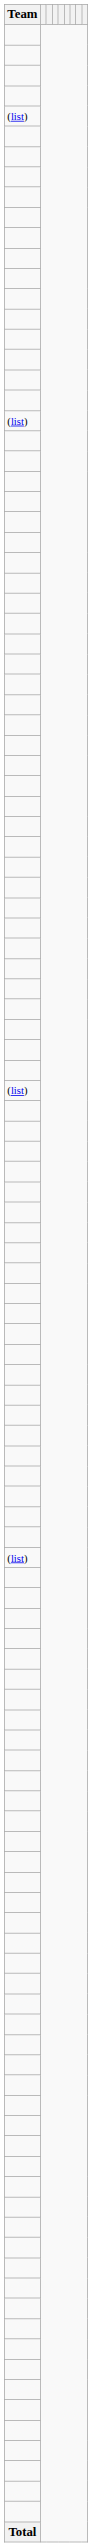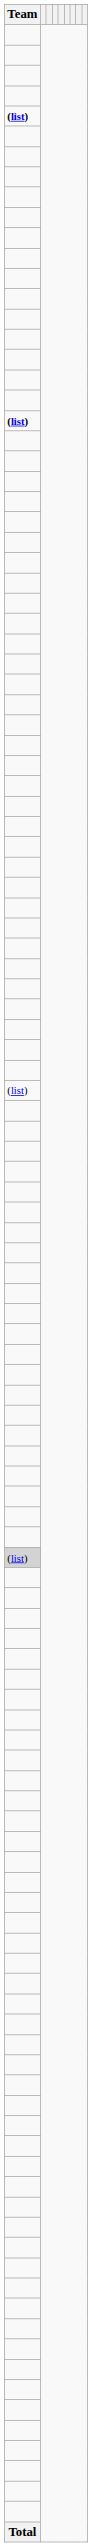 <table class="wikitable sortable collapsible collapsed" style="text-align: center; font-size: 100%;">
 <tr>
 <th>Team</th>
 <th></th>
 <th></th>
 <th></th>
 <th></th>
 <th></th>
 <th></th>
 <th></th>
 <th></th>
 </tr>
 <tr>
 <td align=left><br></td>
 </tr>
 <tr>
 <td align=left><br></td>
 </tr>
 <tr>
 <td align=left><br></td>
 </tr>
 <tr>
 <td align=left><br></td>
 </tr>
 <tr>
-<td align=left> <small>(<a href='#'>list</a>)</small><br></td>
+<td align=left><strong> <small>(<a href='#'>list</a>)</small><br></strong></td>
 </tr>
 <tr>
 <td align=left><br></td>
 </tr>
 <tr>
 <td align=left><br></td>
 </tr>
 <tr>
 <td align=left><br></td>
 </tr>
 <tr>
 <td align=left><br></td>
 </tr>
 <tr>
 <td align=left><br></td>
 </tr>
 <tr>
 <td align=left><br></td>
 </tr>
 <tr>
 <td align=left><br></td>
 </tr>
 <tr>
 <td align=left><br></td>
 </tr>
 <tr>
 <td align=left><br></td>
 </tr>
 <tr>
 <td align=left><br></td>
 </tr>
 <tr>
 <td align=left><br></td>
 </tr>
 <tr>
 <td align=left><br></td>
 </tr>
 <tr>
 <td align=left><br></td>
 </tr>
 <tr>
 <td align=left><br></td>
 </tr>
 <tr>
-<td align=left> <small>(<a href='#'>list</a>)</small><br></td>
+<td align=left><strong> <small>(<a href='#'>list</a>)</small><br></strong></td>
 </tr>
 <tr>
 <td align=left><br></td>
 </tr>
 <tr>
 <td align=left><br></td>
 </tr>
 <tr>
 <td align=left><br></td>
 </tr>
 <tr>
 <td align=left><br></td>
 </tr>
 <tr>
 <td align=left><br></td>
 </tr>
 <tr>
 <td align=left><br></td>
 </tr>
 <tr>
 <td align=left><br></td>
 </tr>
 <tr>
 <td align=left><br></td>
 </tr>
 <tr>
 <td align=left><br></td>
 </tr>
 <tr>
 <td align=left><br></td>
 </tr>
 <tr>
 <td align=left><br></td>
 </tr>
 <tr>
 <td align=left><br></td>
 </tr>
 <tr>
 <td align=left><br></td>
 </tr>
 <tr>
 <td align=left><br></td>
 </tr>
 <tr>
 <td align=left><br></td>
 </tr>
 <tr>
 <td align=left><br></td>
 </tr>
 <tr>
 <td align=left><br></td>
 </tr>
 <tr>
 <td align=left><br></td>
 </tr>
 <tr>
 <td align=left><br></td>
 </tr>
 <tr>
 <td align=left><br></td>
 </tr>
 <tr>
 <td align=left><br></td>
 </tr>
 <tr>
 <td align=left><br></td>
 </tr>
 <tr>
 <td align=left><br></td>
 </tr>
 <tr>
 <td align=left><br></td>
 </tr>
 <tr>
 <td align=left><br></td>
 </tr>
 <tr>
 <td align=left><br></td>
 </tr>
 <tr>
 <td align=left><br></td>
 </tr>
 <tr>
 <td align=left><br></td>
 </tr>
 <tr>
 <td align=left><br></td>
 </tr>
 <tr>
 <td align=left><br></td>
 </tr>
 <tr>
 <td align=left><br></td>
 </tr>
 <tr>
 <td align=left><br></td>
 </tr>
 <tr>
 <td align=left> <small>(<a href='#'>list</a>)</small><br></td>
 </tr>
 <tr>
 <td align=left><br></td>
 </tr>
 <tr>
 <td align=left><br></td>
 </tr>
 <tr>
 <td align=left><br></td>
 </tr>
 <tr>
 <td align=left><br></td>
 </tr>
 <tr>
 <td align=left><br></td>
 </tr>
 <tr>
 <td align=left><br></td>
 </tr>
 <tr>
 <td align=left><br></td>
 </tr>
 <tr>
 <td align=left><br></td>
 </tr>
 <tr>
 <td align=left><br></td>
 </tr>
 <tr>
 <td align=left><br></td>
 </tr>
 <tr>
 <td align=left><br></td>
 </tr>
 <tr>
 <td align=left><br></td>
 </tr>
 <tr>
 <td align=left><br></td>
 </tr>
 <tr>
 <td align=left><br></td>
 </tr>
 <tr>
 <td align=left><br></td>
 </tr>
 <tr>
 <td align=left><br></td>
 </tr>
 <tr>
 <td align=left><br></td>
 </tr>
 <tr>
 <td align=left><br></td>
 </tr>
 <tr>
 <td align=left><br></td>
 </tr>
 <tr>
 <td align=left><br></td>
 </tr>
 <tr>
 <td align=left><br></td>
 </tr>
 <tr>
 <td align=left><br></td>
 </tr>
 <tr>
-<td align=left> <small>(<a href='#'>list</a>)</small><br></td>
+<td align=left style="background: lightgrey;"> <small>(<a href='#'>list</a>)</small><br></td>
 </tr>
 <tr>
 <td align=left><br></td>
 </tr>
 <tr>
 <td align=left><br></td>
 </tr>
 <tr>
 <td align=left><br></td>
 </tr>
 <tr>
 <td align=left><br></td>
 </tr>
 <tr>
 <td align=left><br></td>
 </tr>
 <tr>
 <td align=left><br></td>
 </tr>
 <tr>
 <td align=left><br></td>
 </tr>
 <tr>
 <td align=left><br></td>
 </tr>
 <tr>
 <td align=left><br></td>
 </tr>
 <tr>
 <td align=left><br></td>
 </tr>
 <tr>
 <td align=left><br></td>
 </tr>
 <tr>
 <td align=left><br></td>
 </tr>
 <tr>
 <td align=left><br></td>
 </tr>
 <tr>
 <td align=left><br></td>
 </tr>
 <tr>
 <td align=left><br></td>
 </tr>
 <tr>
 <td align=left><br></td>
 </tr>
 <tr>
 <td align=left><br></td>
 </tr>
 <tr>
 <td align=left><br></td>
 </tr>
 <tr>
 <td align=left><br></td>
 </tr>
 <tr>
 <td align=left><br></td>
 </tr>
 <tr>
 <td align=left><br></td>
 </tr>
 <tr>
 <td align=left><br></td>
 </tr>
 <tr>
 <td align=left><br></td>
 </tr>
 <tr>
 <td align=left><br></td>
 </tr>
 <tr>
 <td align=left><br></td>
 </tr>
 <tr>
 <td align=left><br></td>
 </tr>
 <tr>
 <td align=left><br></td>
 </tr>
 <tr>
 <td align=left><br></td>
 </tr>
 <tr>
 <td align=left><br></td>
 </tr>
 <tr>
 <td align=left><br></td>
 </tr>
 <tr>
 <td align=left><br></td>
 </tr>
 <tr>
 <td align=left><br></td>
 </tr>
 <tr>
 <td align=left><br></td>
 </tr>
 <tr>
 <td align=left><br></td>
 </tr>
 <tr>
 <td align=left><br></td>
 </tr>
 <tr>
 <td align=left><br></td>
 </tr>
 <tr>
 <td align=left><br></td>
 </tr>
 <tr>
 <td align=left><br></td>
 </tr>
 <tr>
 <td align=left><br></td>
 </tr>
 <tr>
 <td align=left><br></td>
 </tr>
 <tr>
 <td align=left><br></td>
 </tr>
 <tr>
 <td align=left><br></td>
 </tr>
 <tr>
 <td align=left><br></td>
 </tr>
 <tr>
 <td align=left><br></td>
 </tr>
 <tr>
 <td align=left><br></td>
 </tr>
 <tr>
 <td align=left><br></td>
 </tr>
 <tr>
 <td align=left><br></td>
 </tr>
 <tr class=sortbottom>
 <th>Total<br></th>
 </tr>
 </table>
